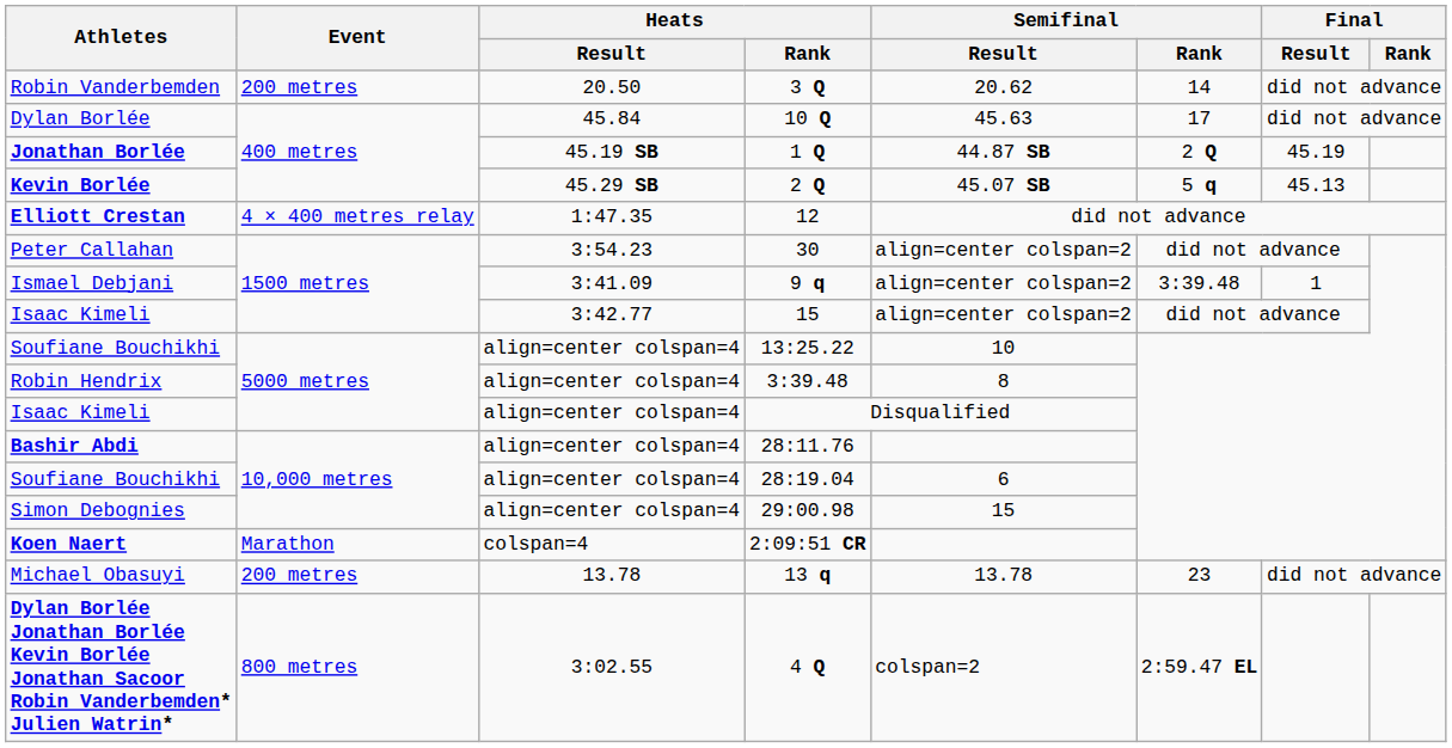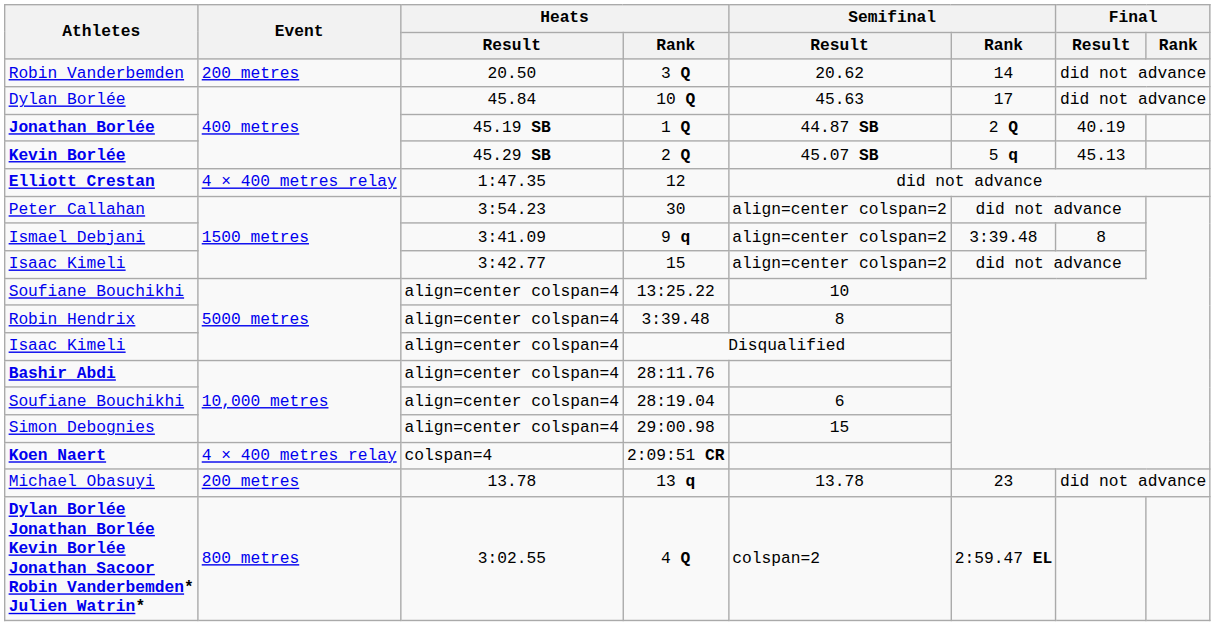 <table class="wikitable" border="1" style="font-size:90%">
 <tr>
 <th rowspan="2">Athletes</th>
 <th rowspan="2">Event</th>
 <th colspan="2">Heats</th>
 <th colspan="2">Semifinal</th>
 <th colspan="2">Final</th>
 </tr>
 <tr>
 <th>Result</th>
 <th>Rank</th>
 <th>Result</th>
 <th>Rank</th>
 <th>Result</th>
 <th>Rank</th>
 </tr>
 <tr>
 <td><a href='#'>Robin Vanderbemden</a></td>
 <td><a href='#'>200 metres</a></td>
 <td align=center>20.50</td>
 <td align=center>3 <strong>Q</strong></td>
 <td align=center>20.62</td>
 <td align=center>14</td>
 <td align=center colspan=2>did not advance</td>
 </tr>
 <tr>
 <td><a href='#'>Dylan Borlée</a></td>
 <td rowspan=3><a href='#'>400 metres</a></td>
 <td align=center>45.84</td>
 <td align=center>10 <strong>Q</strong></td>
 <td align=center>45.63</td>
 <td align=center>17</td>
 <td align=center colspan=2>did not advance</td>
 </tr>
 <tr>
 <td><strong><a href='#'>Jonathan Borlée</a></strong></td>
 <td align=center>45.19 <strong>SB</strong></td>
 <td align=center>1 <strong>Q</strong></td>
 <td align=center>44.87 <strong>SB</strong></td>
 <td align=center>2 <strong>Q</strong></td>
-<td align=center>45.19</td>
+<td align=center>40.19</td>
 <td align=center></td>
 </tr>
 <tr>
 <td><strong><a href='#'>Kevin Borlée</a></strong></td>
 <td align=center>45.29 <strong>SB</strong></td>
 <td align=center>2 <strong>Q</strong></td>
 <td align=center>45.07 <strong>SB</strong></td>
 <td align=center>5 <strong>q</strong></td>
 <td align=center>45.13</td>
 <td align=center></td>
 </tr>
 <tr>
 <td><strong><a href='#'>Elliott Crestan</a></strong></td>
 <td><a href='#'>4 × 400 metres relay</a></td>
 <td align=center>1:47.35</td>
 <td align=center>12</td>
 <td align=center colspan=4>did not advance</td>
 </tr>
 <tr>
 <td><a href='#'>Peter Callahan</a></td>
 <td rowspan=3><a href='#'>1500 metres</a></td>
 <td align=center>3:54.23</td>
 <td align=center>30</td>
 <td>align=center colspan=2</td>
 <td align=center colspan=2>did not advance</td>
 </tr>
 <tr>
 <td><a href='#'>Ismael Debjani</a></td>
 <td align=center>3:41.09</td>
 <td align=center>9 <strong>q</strong></td>
 <td>align=center colspan=2</td>
 <td align=center>3:39.48</td>
-<td align=center>1</td>
+<td align=center>8</td>
 </tr>
 <tr>
 <td><a href='#'>Isaac Kimeli</a></td>
 <td align=center>3:42.77</td>
 <td align=center>15</td>
 <td>align=center colspan=2</td>
 <td align=center colspan=2>did not advance</td>
 </tr>
 <tr>
 <td><a href='#'>Soufiane Bouchikhi</a></td>
 <td rowspan=3><a href='#'>5000 metres</a></td>
 <td>align=center colspan=4</td>
 <td align=center>13:25.22</td>
 <td align=center>10</td>
 </tr>
 <tr>
 <td><a href='#'>Robin Hendrix</a></td>
 <td>align=center colspan=4</td>
 <td align=center>3:39.48</td>
 <td align=center>8</td>
 </tr>
 <tr>
 <td><a href='#'>Isaac Kimeli</a></td>
 <td>align=center colspan=4</td>
 <td align=center colspan=2>Disqualified</td>
 </tr>
 <tr>
 <td><strong><a href='#'>Bashir Abdi</a></strong></td>
 <td rowspan=3><a href='#'>10,000 metres</a></td>
 <td>align=center colspan=4</td>
 <td align=center>28:11.76</td>
 <td align=center></td>
 </tr>
 <tr>
 <td><a href='#'>Soufiane Bouchikhi</a></td>
 <td>align=center colspan=4</td>
 <td align=center>28:19.04</td>
 <td align=center>6</td>
 </tr>
 <tr>
 <td><a href='#'>Simon Debognies</a></td>
 <td>align=center colspan=4</td>
 <td align=center>29:00.98</td>
 <td align=center>15</td>
 </tr>
 <tr>
 <td><strong><a href='#'>Koen Naert</a></strong></td>
-<td><a href='#'>Marathon</a></td>
+<td><a href='#'>4 × 400 metres relay</a></td>
 <td>colspan=4</td>
 <td align=center>2:09:51 <strong>CR</strong></td>
 <td align=center></td>
 </tr>
 <tr>
 <td><a href='#'>Michael Obasuyi</a></td>
 <td><a href='#'>200 metres</a></td>
 <td align=center>13.78</td>
 <td align=center>13 <strong>q</strong></td>
 <td align=center>13.78</td>
 <td align=center>23</td>
 <td align=center colspan=2>did not advance</td>
 </tr>
 <tr>
 <td><strong><a href='#'>Dylan Borlée</a><br><a href='#'>Jonathan Borlée</a><br><a href='#'>Kevin Borlée</a><br><a href='#'>Jonathan Sacoor</a><br><a href='#'>Robin Vanderbemden</a>*<br><a href='#'>Julien Watrin</a>*</strong></td>
 <td><a href='#'>800 metres</a></td>
 <td align=center>3:02.55</td>
 <td align=center>4 <strong>Q</strong></td>
 <td>colspan=2</td>
 <td align=center>2:59.47 <strong>EL</strong></td>
 <td align=center></td>
 </tr>
 </table>
